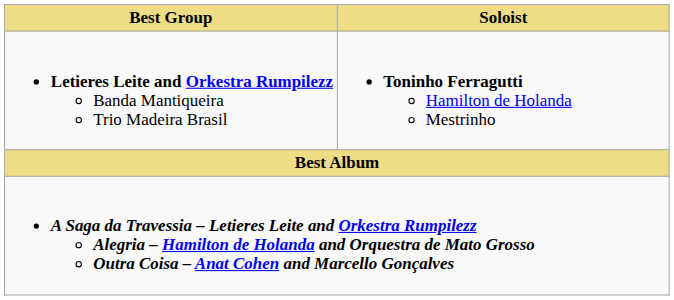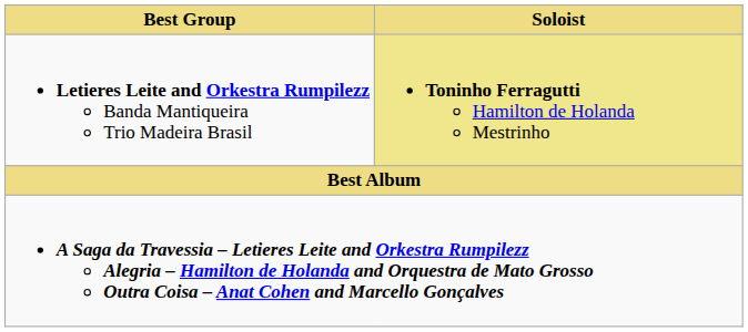 <table class="wikitable" style="width=">
 <tr>
 <th style="background:#EEDD85; width:50%">Best Group</th>
 <th style="background:#EEDD85; width:50%">Soloist</th>
 </tr>
 <tr>
 <td style="vertical-align:top"><br><ul><li><strong>Letieres Leite and <a href='#'>Orkestra Rumpilezz</a></strong><ul><li>Banda Mantiqueira</li><li>Trio Madeira Brasil</li></ul></li></ul></td>
-<td style="vertical-align:top"><br><ul><li><strong>Toninho Ferragutti</strong><ul><li><a href='#'>Hamilton de Holanda</a></li><li>Mestrinho</li></ul></li></ul></td>
+<td style="background: khaki; vertical-align:top"><br><ul><li><strong>Toninho Ferragutti</strong><ul><li><a href='#'>Hamilton de Holanda</a></li><li>Mestrinho</li></ul></li></ul></td>
 </tr>
 <tr>
 <th colspan="2" scope="col" style="background:#EEDD85; width:50%">Best Album</th>
 </tr>
 <tr>
 <td colspan="2" style="vertical-align:top"><br><ul><li><strong><em>A Saga da Travessia<em> – Letieres Leite and <a href='#'>Orkestra Rumpilezz</a><strong><ul><li></em>Alegria<em> – <a href='#'>Hamilton de Holanda</a> and Orquestra de Mato Grosso</li><li></em>Outra Coisa<em> – <a href='#'>Anat Cohen</a> and Marcello Gonçalves</li></ul></li></ul></td>
 </tr>
 </table>
